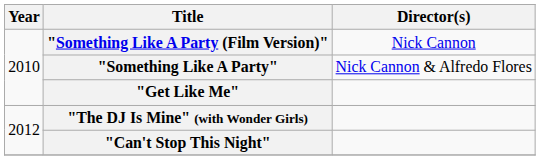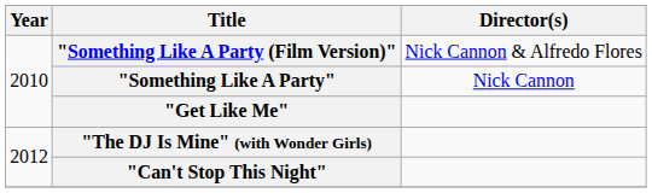 <table class="wikitable plainrowheaders" style="text-align:center;">
 <tr>
 <th scope="col">Year</th>
 <th scope="col">Title</th>
 <th scope="col">Director(s)</th>
 </tr>
 <tr>
 <td rowspan="3">2010</td>
 <th scope="row">"<a href='#'>Something Like A Party</a> (Film Version)"</th>
-<td><a href='#'>Nick Cannon</a></td>
+<td><a href='#'>Nick Cannon</a> & Alfredo Flores</td>
 </tr>
 <tr>
 <th scope="row">"Something Like A Party"</th>
-<td><a href='#'>Nick Cannon</a> & Alfredo Flores</td>
+<td><a href='#'>Nick Cannon</a></td>
 </tr>
 <tr>
 <th scope="row">"Get Like Me"</th>
 <td></td>
 </tr>
 <tr>
 <td rowspan="2">2012</td>
 <th scope="row">"The DJ Is Mine" <small>(with Wonder Girls)</small></th>
 <td></td>
 </tr>
 <tr>
 <th scope="row">"Can't Stop This Night"</th>
 <td></td>
 </tr>
 <tr>
 </tr>
 </table>
